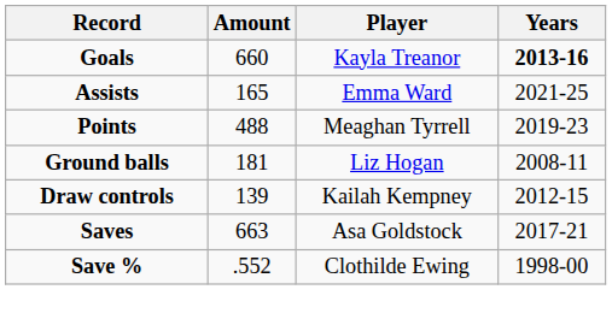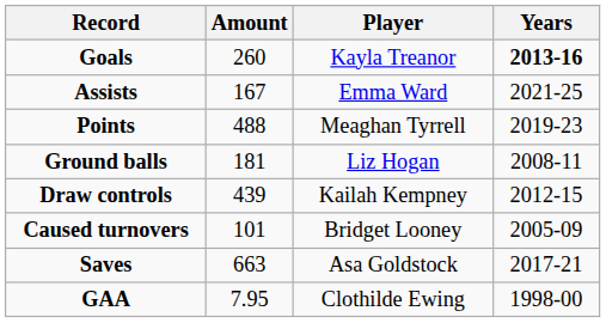 <table class="wikitable">
 <tr>
 <th style="width:140px; ">Record</th>
 <th style="width:35px; ">Amount</th>
 <th style="width:140px; ">Player</th>
 <th style="width:70px; ">Years</th>
 </tr>
 <tr style="text-align:center;">
 <td><strong>Goals</strong></td>
-<td>660</td>
+<td>260</td>
 <td><a href='#'>Kayla Treanor</a></td>
 <td><strong>2013-16</strong></td>
 </tr>
 <tr style="text-align:center;">
 <td><strong>Assists</strong></td>
-<td>165</td>
+<td>167</td>
 <td><a href='#'>Emma Ward</a></td>
 <td>2021-25</td>
 </tr>
 <tr style="text-align:center;">
 <td><strong>Points</strong></td>
 <td>488</td>
 <td>Meaghan Tyrrell</td>
 <td>2019-23</td>
 </tr>
 <tr style="text-align:center;">
 <td><strong>Ground balls</strong></td>
 <td>181</td>
 <td><a href='#'>Liz Hogan</a></td>
 <td>2008-11</td>
 </tr>
 <tr style="text-align:center;">
 <td><strong>Draw controls</strong></td>
-<td>139</td>
+<td>439</td>
 <td>Kailah Kempney</td>
 <td>2012-15</td>
+</tr>
+<tr style="text-align:center;">
+<td><strong>Caused turnovers</strong></td>
+<td>101</td>
+<td>Bridget Looney</td>
+<td>2005-09</td>
 </tr>
 <tr style="text-align:center;">
 <td><strong>Saves</strong></td>
 <td>663</td>
 <td>Asa Goldstock</td>
 <td>2017-21</td>
 </tr>
 <tr style="text-align:center;">
-<td><strong>Save %</strong></td>
-<td>.552</td>
+<td><strong>GAA</strong></td>
+<td>7.95</td>
 <td>Clothilde Ewing</td>
 <td>1998-00</td>
 </tr>
 </table>
